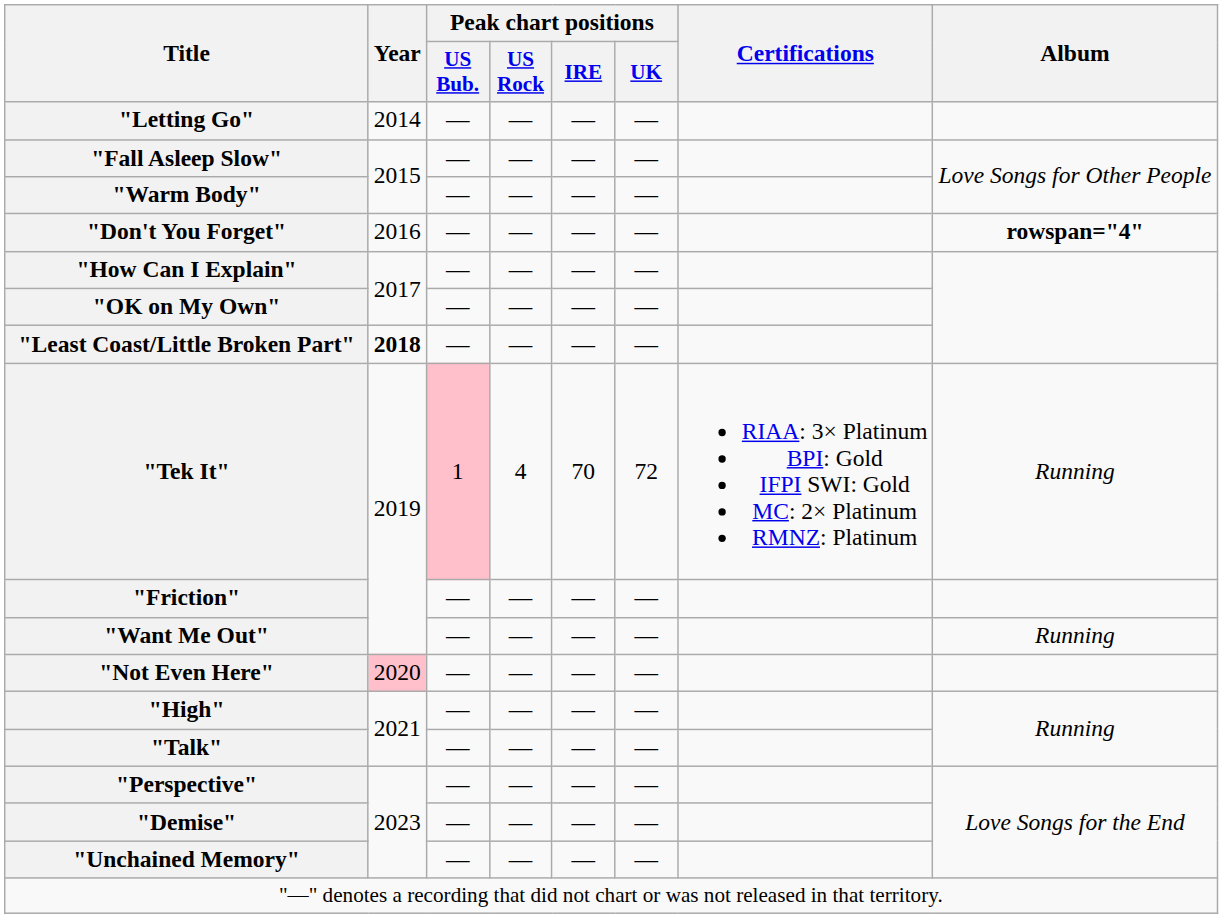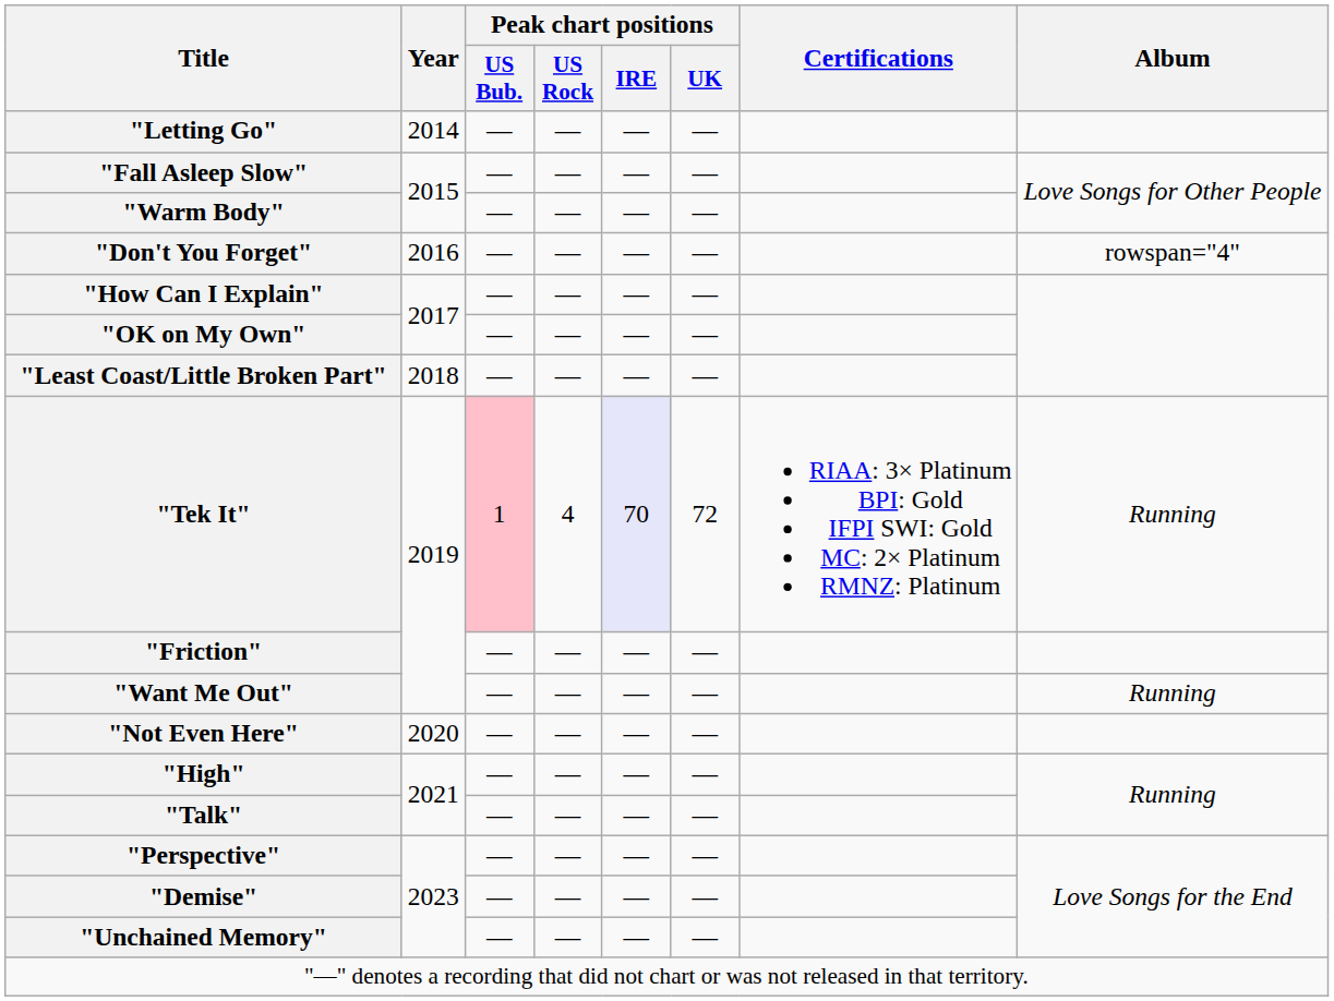 <table class="wikitable plainrowheaders" style="text-align:center;">
 <tr>
 <th scope="col" rowspan="2" style="width:15em;">Title</th>
 <th scope="col" rowspan="2">Year</th>
 <th scope="col" colspan="4">Peak chart positions</th>
 <th rowspan="2"><a href='#'>Certifications</a></th>
 <th rowspan="2" scope="col">Album</th>
 </tr>
 <tr>
 <th scope="col" style="width:2.5em;font-size:90%;"><a href='#'>US<br>Bub.</a><br></th>
 <th scope="col" style="width:2.5em;font-size:90%;"><a href='#'>US<br>Rock</a><br></th>
 <th scope="col" style="width:2.5em;font-size:90%;"><a href='#'>IRE</a><br></th>
 <th scope="col" style="width:2.5em;font-size:90%;"><a href='#'>UK</a><br></th>
 </tr>
 <tr>
 <th scope="row">"Letting Go"</th>
 <td>2014</td>
 <td>—</td>
 <td>—</td>
 <td>—</td>
 <td>—</td>
 <td></td>
 <td></td>
 </tr>
 <tr>
 <th scope="row">"Fall Asleep Slow"</th>
 <td rowspan="2">2015</td>
 <td>—</td>
 <td>—</td>
 <td>—</td>
 <td>—</td>
 <td></td>
 <td rowspan="2"><em>Love Songs for Other People</em></td>
 </tr>
 <tr>
 <th scope="row">"Warm Body"</th>
 <td>—</td>
 <td>—</td>
 <td>—</td>
 <td>—</td>
 <td></td>
 </tr>
 <tr>
 <th scope="row">"Don't You Forget"</th>
 <td>2016</td>
 <td>—</td>
 <td>—</td>
 <td>—</td>
 <td>—</td>
 <td></td>
-<td><strong>rowspan="4" </strong></td>
+<td>rowspan="4" </td>
 </tr>
 <tr>
 <th scope="row">"How Can I Explain"</th>
 <td rowspan="2">2017</td>
 <td>—</td>
 <td>—</td>
 <td>—</td>
 <td>—</td>
 <td></td>
 </tr>
 <tr>
 <th scope="row">"OK on My Own"</th>
 <td>—</td>
 <td>—</td>
 <td>—</td>
 <td>—</td>
 <td></td>
 </tr>
 <tr>
 <th scope="row">"Least Coast/Little Broken Part"</th>
-<td><strong>2018</strong></td>
+<td>2018</td>
 <td>—</td>
 <td>—</td>
 <td>—</td>
 <td>—</td>
 <td></td>
 </tr>
 <tr>
 <th scope="row">"Tek It"</th>
 <td rowspan="3">2019</td>
 <td style="background: pink;">1</td>
 <td>4</td>
-<td>70</td>
+<td style="background: lavender;">70</td>
 <td>72</td>
 <td><br><ul><li><a href='#'>RIAA</a>: 3× Platinum</li><li><a href='#'>BPI</a>: Gold</li><li><a href='#'>IFPI</a> SWI: Gold</li><li><a href='#'>MC</a>: 2× Platinum</li><li><a href='#'>RMNZ</a>: Platinum</li></ul></td>
 <td><em>Running</em></td>
 </tr>
 <tr>
 <th scope="row">"Friction"</th>
 <td>—</td>
 <td>—</td>
 <td>—</td>
 <td>—</td>
 <td></td>
 <td></td>
 </tr>
 <tr>
 <th scope="row">"Want Me Out"</th>
 <td>—</td>
 <td>—</td>
 <td>—</td>
 <td>—</td>
 <td></td>
 <td><em>Running</em></td>
 </tr>
 <tr>
 <th scope="row">"Not Even Here"</th>
-<td style="background: pink;">2020</td>
+<td>2020</td>
 <td>—</td>
 <td>—</td>
 <td>—</td>
 <td>—</td>
 <td></td>
 <td></td>
 </tr>
 <tr>
 <th scope="row">"High"</th>
 <td rowspan="2">2021</td>
 <td>—</td>
 <td>—</td>
 <td>—</td>
 <td>—</td>
 <td></td>
 <td rowspan="2"><em>Running</em></td>
 </tr>
 <tr>
 <th scope="row">"Talk"</th>
 <td>—</td>
 <td>—</td>
 <td>—</td>
 <td>—</td>
 <td></td>
 </tr>
 <tr>
 <th scope="row">"Perspective"</th>
 <td rowspan="3">2023</td>
 <td>—</td>
 <td>—</td>
 <td>—</td>
 <td>—</td>
 <td></td>
 <td rowspan="3"><em>Love Songs for the End</em></td>
 </tr>
 <tr>
 <th scope="row">"Demise"</th>
 <td>—</td>
 <td>—</td>
 <td>—</td>
 <td>—</td>
 <td></td>
 </tr>
 <tr>
 <th scope="row">"Unchained Memory"</th>
 <td>—</td>
 <td>—</td>
 <td>—</td>
 <td>—</td>
 <td></td>
 </tr>
 <tr>
 <td colspan="8" style="font-size:90%">"—" denotes a recording that did not chart or was not released in that territory.</td>
 </tr>
 </table>
